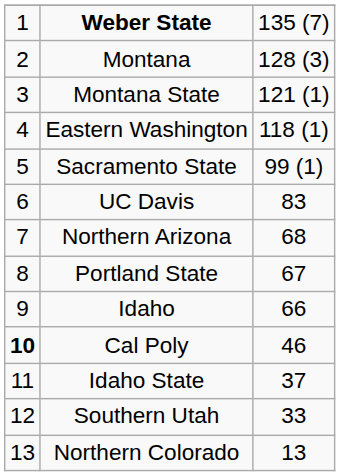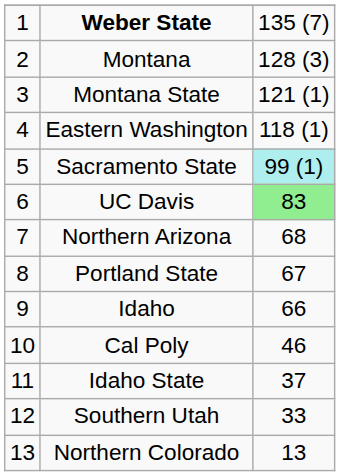 <table class="wikitable" style="display: inline-table;">
 <tr align="center">
 </tr>
 <tr align="center">
 <td>1</td>
 <td><strong>Weber State</strong></td>
 <td>135 (7)</td>
 </tr>
 <tr align="center">
 <td>2</td>
 <td>Montana</td>
 <td>128 (3)</td>
 </tr>
 <tr align="center">
 <td>3</td>
 <td>Montana State</td>
 <td>121 (1)</td>
 </tr>
 <tr align="center">
 <td>4</td>
 <td>Eastern Washington</td>
 <td>118 (1)</td>
 </tr>
 <tr align="center">
 <td>5</td>
 <td>Sacramento State</td>
-<td>99 (1)</td>
+<td style="background: paleturquoise;">99 (1)</td>
 </tr>
 <tr align="center">
 <td>6</td>
 <td>UC Davis</td>
-<td>83</td>
+<td style="background: lightgreen;">83</td>
 </tr>
 <tr align="center">
 <td>7</td>
 <td>Northern Arizona</td>
 <td>68</td>
 </tr>
 <tr align="center">
 <td>8</td>
 <td>Portland State</td>
 <td>67</td>
 </tr>
 <tr align="center">
 <td>9</td>
 <td>Idaho</td>
 <td>66</td>
 </tr>
 <tr align="center">
-<td><strong>10</strong></td>
+<td>10</td>
 <td>Cal Poly</td>
 <td>46</td>
 </tr>
 <tr align="center">
 <td>11</td>
 <td>Idaho State</td>
 <td>37</td>
 </tr>
 <tr align="center">
 <td>12</td>
 <td>Southern Utah</td>
 <td>33</td>
 </tr>
 <tr align="center">
 <td>13</td>
 <td>Northern Colorado</td>
 <td>13</td>
 </tr>
 </table>
